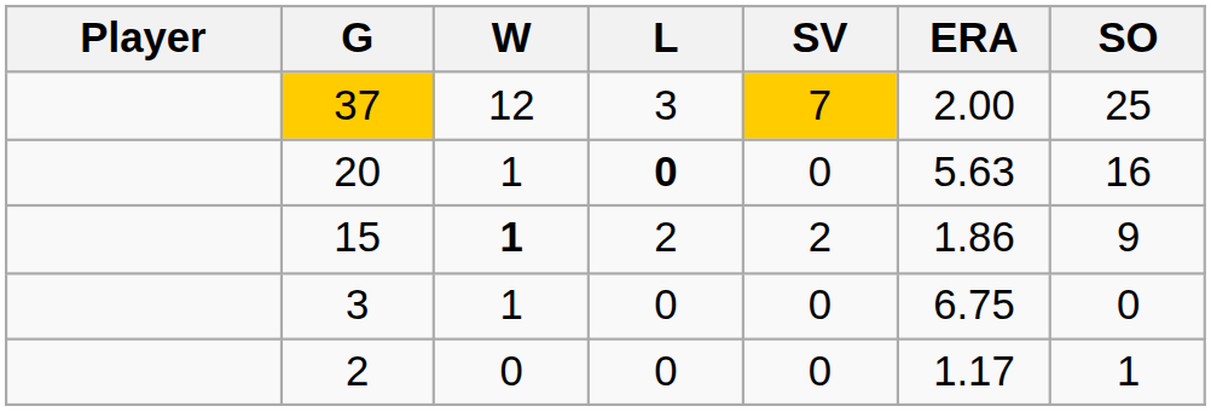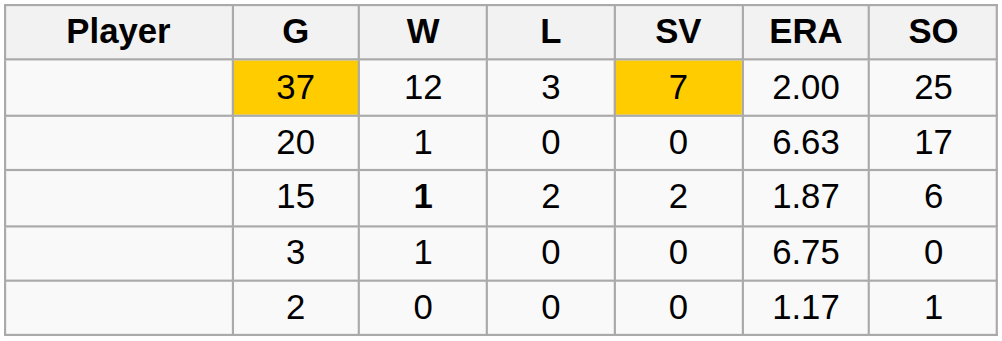 <table class="wikitable sortable">
 <tr>
 <th bgcolor="#DDDDFF" width="16%">Player</th>
 <th bgcolor="#DDDDFF" width="9%">G</th>
 <th bgcolor="#DDDDFF" width="9%">W</th>
 <th bgcolor="#DDDDFF" width="9%">L</th>
 <th bgcolor="#DDDDFF" width="9%">SV</th>
 <th bgcolor="#DDDDFF" width="9%">ERA</th>
 <th bgcolor="#DDDDFF" width="9%">SO</th>
 </tr>
 <tr align="center">
 <td></td>
 <td style="background:#fc0;">37</td>
 <td>12</td>
 <td>3</td>
 <td style="background:#fc0;">7</td>
 <td>2.00</td>
 <td>25</td>
 </tr>
 <tr align="center">
 <td></td>
 <td>20</td>
 <td>1</td>
-<td><strong>0</strong></td>
 <td>0</td>
-<td>5.63</td>
-<td>16</td>
+<td>0</td>
+<td>6.63</td>
+<td>17</td>
 </tr>
 <tr align="center">
 <td></td>
 <td>15</td>
 <td><strong>1</strong></td>
 <td>2</td>
 <td>2</td>
-<td>1.86</td>
-<td>9</td>
+<td>1.87</td>
+<td>6</td>
 </tr>
 <tr align="center">
 <td></td>
 <td>3</td>
 <td>1</td>
 <td>0</td>
 <td>0</td>
 <td>6.75</td>
 <td>0</td>
 </tr>
 <tr align="center">
 <td></td>
 <td>2</td>
 <td>0</td>
 <td>0</td>
 <td>0</td>
 <td>1.17</td>
 <td>1</td>
 </tr>
 </table>
